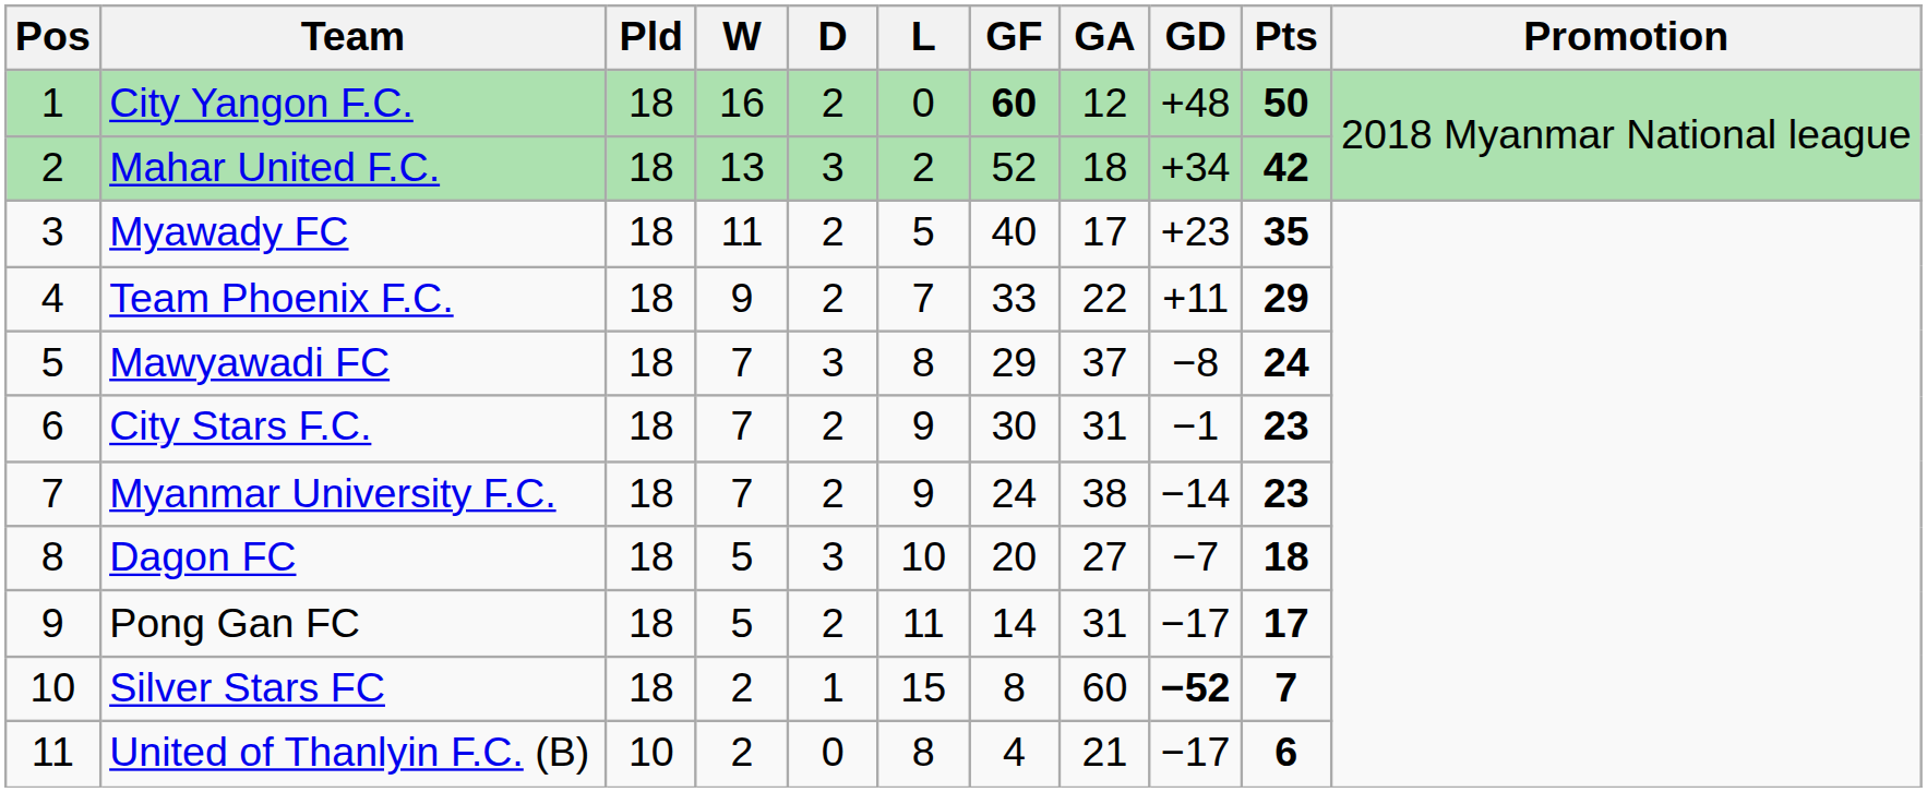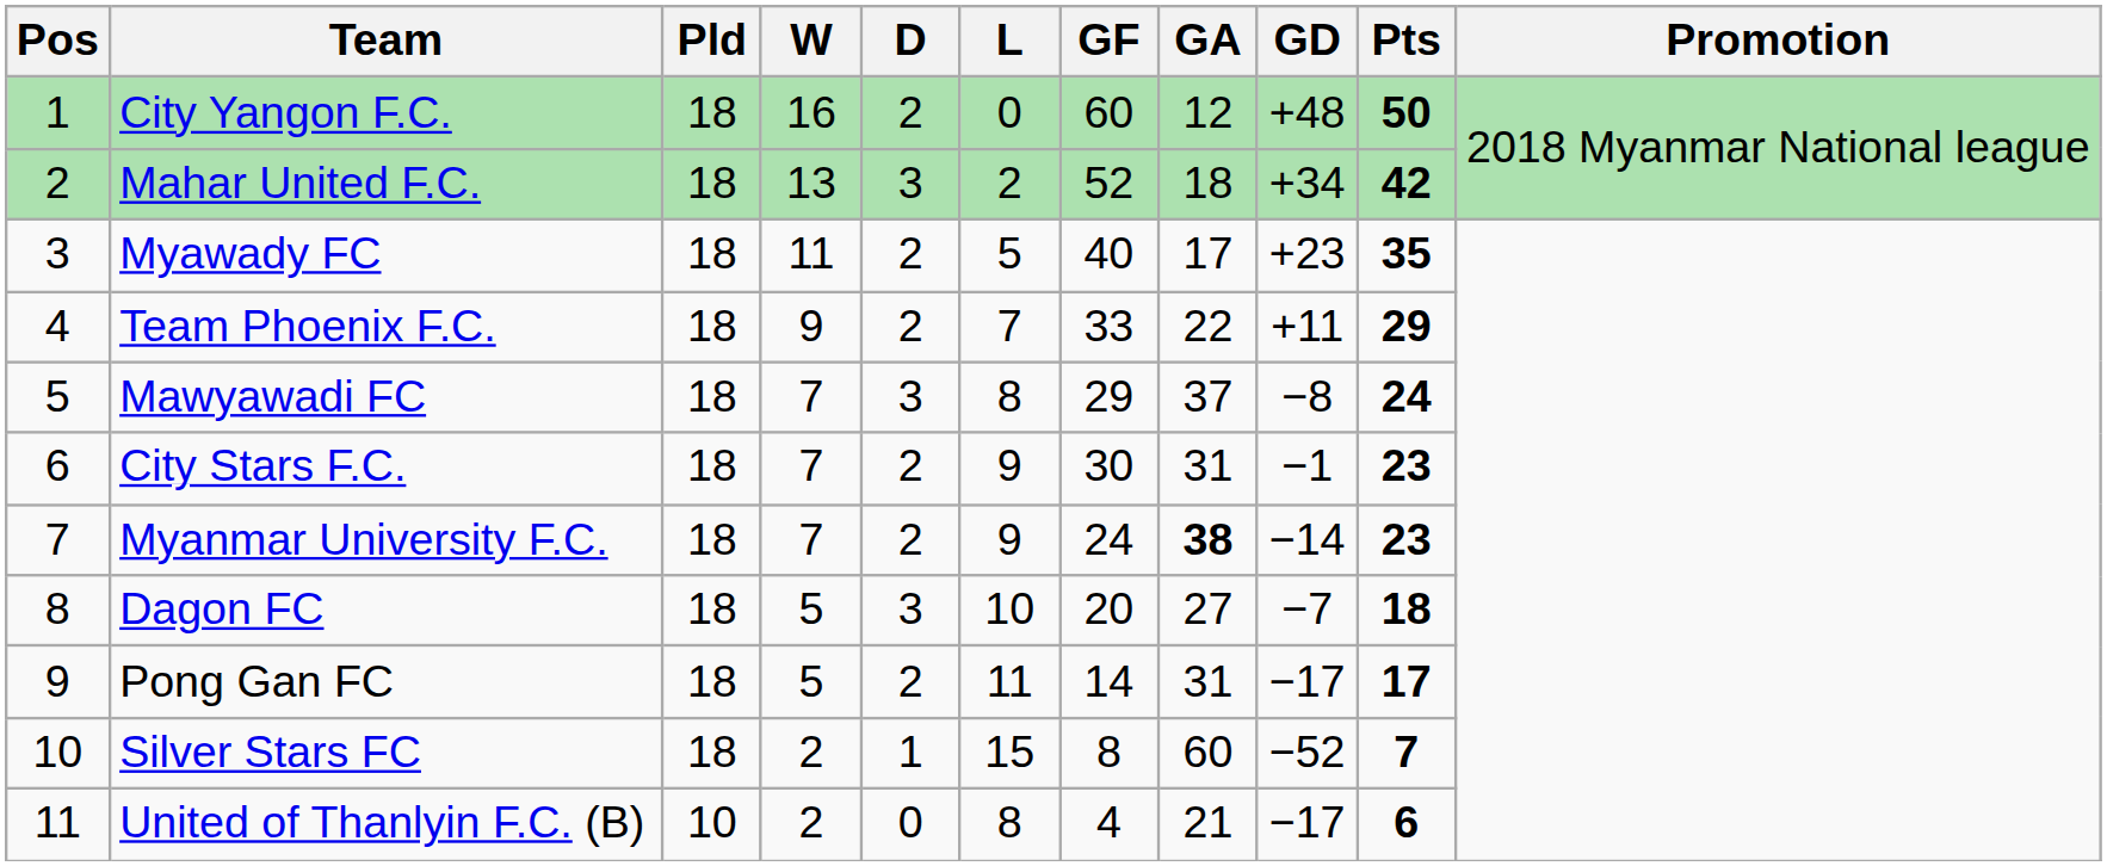 <table class="wikitable" style="text-align:center;">
 <tr>
 <th scope="col" width=28><abbr>Pos</abbr></th>
 <th scope="col" width=190>Team</th>
 <th scope="col" width=28><abbr>Pld</abbr></th>
 <th scope="col" width=28><abbr>W</abbr></th>
 <th scope="col" width=28><abbr>D</abbr></th>
 <th scope="col" width=28><abbr>L</abbr></th>
 <th scope="col" width=28><abbr>GF</abbr></th>
 <th scope="col" width=28><abbr>GA</abbr></th>
 <th scope="col" width=28><abbr>GD</abbr></th>
 <th scope="col" width=28><abbr>Pts</abbr></th>
 <th scope="col">Promotion</th>
 </tr>
 <tr>
 <th scope="row" style="text-align: center;font-weight: normal;background-color:#ACE1AF;">1</th>
 <td style="text-align: left; white-space:nowrap;font-weight: normal;background-color:#ACE1AF;"><a href='#'>City Yangon F.C.</a></td>
 <td style="font-weight: normal;background-color:#ACE1AF;">18</td>
 <td style="font-weight: normal;background-color:#ACE1AF;">16</td>
 <td style="font-weight: normal;background-color:#ACE1AF;">2</td>
 <td style="font-weight: normal;background-color:#ACE1AF;">0</td>
-<td style="font-weight: normal;background-color:#ACE1AF;"><strong>60</strong></td>
+<td style="font-weight: normal;background-color:#ACE1AF;">60</td>
 <td style="font-weight: normal;background-color:#ACE1AF;">12</td>
 <td style="font-weight: normal;background-color:#ACE1AF;">+48</td>
 <td style="font-weight: bold;background-color:#ACE1AF;">50</td>
 <td style="font-weight: normal;background-color:#ACE1AF;" rowspan="2">2018 Myanmar National league</td>
 </tr>
 <tr>
 <th scope="row" style="text-align: center;font-weight: normal;background-color:#ACE1AF;">2</th>
 <td style="text-align: left; white-space:nowrap;font-weight: normal;background-color:#ACE1AF;"><a href='#'>Mahar United F.C.</a></td>
 <td style="font-weight: normal;background-color:#ACE1AF;">18</td>
 <td style="font-weight: normal;background-color:#ACE1AF;">13</td>
 <td style="font-weight: normal;background-color:#ACE1AF;">3</td>
 <td style="font-weight: normal;background-color:#ACE1AF;">2</td>
 <td style="font-weight: normal;background-color:#ACE1AF;">52</td>
 <td style="font-weight: normal;background-color:#ACE1AF;">18</td>
 <td style="font-weight: normal;background-color:#ACE1AF;">+34</td>
 <td style="font-weight: bold;background-color:#ACE1AF;">42</td>
 </tr>
 <tr>
 <th scope="row" style="text-align: center;font-weight: normal;background-color:transparent;">3</th>
 <td style="text-align: left; white-space:nowrap;font-weight: normal;background-color:transparent;"><a href='#'>Myawady FC</a></td>
 <td style="font-weight: normal;background-color:transparent;">18</td>
 <td style="font-weight: normal;background-color:transparent;">11</td>
 <td style="font-weight: normal;background-color:transparent;">2</td>
 <td style="font-weight: normal;background-color:transparent;">5</td>
 <td style="font-weight: normal;background-color:transparent;">40</td>
 <td style="font-weight: normal;background-color:transparent;">17</td>
 <td style="font-weight: normal;background-color:transparent;">+23</td>
 <td style="font-weight: bold;background-color:transparent;">35</td>
 <td style="font-weight: normal;background-color:transparent;" rowspan="9"></td>
 </tr>
 <tr>
 <th scope="row" style="text-align: center;font-weight: normal;background-color:transparent;">4</th>
 <td style="text-align: left; white-space:nowrap;font-weight: normal;background-color:transparent;"><a href='#'>Team Phoenix F.C.</a></td>
 <td style="font-weight: normal;background-color:transparent;">18</td>
 <td style="font-weight: normal;background-color:transparent;">9</td>
 <td style="font-weight: normal;background-color:transparent;">2</td>
 <td style="font-weight: normal;background-color:transparent;">7</td>
 <td style="font-weight: normal;background-color:transparent;">33</td>
 <td style="font-weight: normal;background-color:transparent;">22</td>
 <td style="font-weight: normal;background-color:transparent;">+11</td>
 <td style="font-weight: bold;background-color:transparent;">29</td>
 </tr>
 <tr>
 <th scope="row" style="text-align: center;font-weight: normal;background-color:transparent;">5</th>
 <td style="text-align: left; white-space:nowrap;font-weight: normal;background-color:transparent;"><a href='#'>Mawyawadi FC</a></td>
 <td style="font-weight: normal;background-color:transparent;">18</td>
 <td style="font-weight: normal;background-color:transparent;">7</td>
 <td style="font-weight: normal;background-color:transparent;">3</td>
 <td style="font-weight: normal;background-color:transparent;">8</td>
 <td style="font-weight: normal;background-color:transparent;">29</td>
 <td style="font-weight: normal;background-color:transparent;">37</td>
 <td style="font-weight: normal;background-color:transparent;">−8</td>
 <td style="font-weight: bold;background-color:transparent;">24</td>
 </tr>
 <tr>
 <th scope="row" style="text-align: center;font-weight: normal;background-color:transparent;">6</th>
 <td style="text-align: left; white-space:nowrap;font-weight: normal;background-color:transparent;"><a href='#'>City Stars F.C.</a></td>
 <td style="font-weight: normal;background-color:transparent;">18</td>
 <td style="font-weight: normal;background-color:transparent;">7</td>
 <td style="font-weight: normal;background-color:transparent;">2</td>
 <td style="font-weight: normal;background-color:transparent;">9</td>
 <td style="font-weight: normal;background-color:transparent;">30</td>
 <td style="font-weight: normal;background-color:transparent;">31</td>
 <td style="font-weight: normal;background-color:transparent;">−1</td>
 <td style="font-weight: bold;background-color:transparent;">23</td>
 </tr>
 <tr>
 <th scope="row" style="text-align: center;font-weight: normal;background-color:transparent;">7</th>
 <td style="text-align: left; white-space:nowrap;font-weight: normal;background-color:transparent;"><a href='#'>Myanmar University F.C.</a></td>
 <td style="font-weight: normal;background-color:transparent;">18</td>
 <td style="font-weight: normal;background-color:transparent;">7</td>
 <td style="font-weight: normal;background-color:transparent;">2</td>
 <td style="font-weight: normal;background-color:transparent;">9</td>
 <td style="font-weight: normal;background-color:transparent;">24</td>
-<td style="font-weight: normal;background-color:transparent;">38</td>
+<td style="font-weight: normal;background-color:transparent;"><strong>38</strong></td>
 <td style="font-weight: normal;background-color:transparent;">−14</td>
 <td style="font-weight: bold;background-color:transparent;">23</td>
 </tr>
 <tr>
 <th scope="row" style="text-align: center;font-weight: normal;background-color:transparent;">8</th>
 <td style="text-align: left; white-space:nowrap;font-weight: normal;background-color:transparent;"><a href='#'>Dagon FC</a></td>
 <td style="font-weight: normal;background-color:transparent;">18</td>
 <td style="font-weight: normal;background-color:transparent;">5</td>
 <td style="font-weight: normal;background-color:transparent;">3</td>
 <td style="font-weight: normal;background-color:transparent;">10</td>
 <td style="font-weight: normal;background-color:transparent;">20</td>
 <td style="font-weight: normal;background-color:transparent;">27</td>
 <td style="font-weight: normal;background-color:transparent;">−7</td>
 <td style="font-weight: bold;background-color:transparent;">18</td>
 </tr>
 <tr>
 <th scope="row" style="text-align: center;font-weight: normal;background-color:transparent;">9</th>
 <td style="text-align: left; white-space:nowrap;font-weight: normal;background-color:transparent;">Pong Gan FC</td>
 <td style="font-weight: normal;background-color:transparent;">18</td>
 <td style="font-weight: normal;background-color:transparent;">5</td>
 <td style="font-weight: normal;background-color:transparent;">2</td>
 <td style="font-weight: normal;background-color:transparent;">11</td>
 <td style="font-weight: normal;background-color:transparent;">14</td>
 <td style="font-weight: normal;background-color:transparent;">31</td>
 <td style="font-weight: normal;background-color:transparent;">−17</td>
 <td style="font-weight: bold;background-color:transparent;">17</td>
 </tr>
 <tr>
 <th scope="row" style="text-align: center;font-weight: normal;background-color:transparent;">10</th>
 <td style="text-align: left; white-space:nowrap;font-weight: normal;background-color:transparent;"><a href='#'>Silver Stars FC</a></td>
 <td style="font-weight: normal;background-color:transparent;">18</td>
 <td style="font-weight: normal;background-color:transparent;">2</td>
 <td style="font-weight: normal;background-color:transparent;">1</td>
 <td style="font-weight: normal;background-color:transparent;">15</td>
 <td style="font-weight: normal;background-color:transparent;">8</td>
 <td style="font-weight: normal;background-color:transparent;">60</td>
-<td style="font-weight: normal;background-color:transparent;"><strong>−52</strong></td>
+<td style="font-weight: normal;background-color:transparent;">−52</td>
 <td style="font-weight: bold;background-color:transparent;">7</td>
 </tr>
 <tr>
 <th scope="row" style="text-align: center;font-weight: normal;background-color:transparent;">11</th>
 <td style="text-align: left; white-space:nowrap;font-weight: normal;background-color:transparent;"><a href='#'>United of Thanlyin F.C.</a> <span>(B)</span></td>
 <td style="font-weight: normal;background-color:transparent;">10</td>
 <td style="font-weight: normal;background-color:transparent;">2</td>
 <td style="font-weight: normal;background-color:transparent;">0</td>
 <td style="font-weight: normal;background-color:transparent;">8</td>
 <td style="font-weight: normal;background-color:transparent;">4</td>
 <td style="font-weight: normal;background-color:transparent;">21</td>
 <td style="font-weight: normal;background-color:transparent;">−17</td>
 <td style="font-weight: bold;background-color:transparent;">6</td>
 </tr>
 </table>
